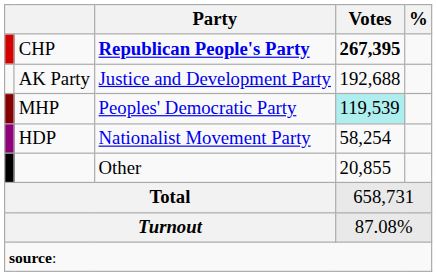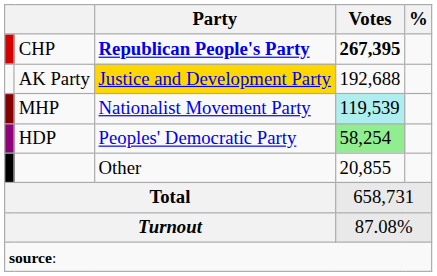 <table class="wikitable">
 <tr>
 <th colspan="2"></th>
 <th>Party</th>
 <th>Votes</th>
 <th>%</th>
 </tr>
 <tr align="left">
 <td bgcolor="#d50000" width="1"></td>
 <td>CHP</td>
 <td><strong><a href='#'>Republican People's Party</a></strong></td>
 <td><strong>267,395</strong></td>
 <td><strong></strong></td>
 </tr>
 <tr align="left">
 <td></td>
 <td>AK Party</td>
-<td><a href='#'>Justice and Development Party</a></td>
+<td style="background: gold;"><a href='#'>Justice and Development Party</a></td>
 <td>192,688</td>
 <td></td>
 </tr>
 <tr align="left">
 <td bgcolor="#870000" width="1"></td>
 <td>MHP</td>
-<td><a href='#'>Peoples' Democratic Party</a></td>
+<td><a href='#'>Nationalist Movement Party</a></td>
 <td style="background: paleturquoise;">119,539</td>
 <td></td>
 </tr>
 <tr align="left">
 <td bgcolor="#91007B" width="1"></td>
 <td>HDP</td>
-<td><a href='#'>Nationalist Movement Party</a></td>
-<td>58,254</td>
+<td><a href='#'>Peoples' Democratic Party</a></td>
+<td style="background: lightgreen;">58,254</td>
 <td></td>
 </tr>
 <tr align="left">
 <td bgcolor=" " width="1"></td>
 <td></td>
 <td>Other</td>
 <td>20,855</td>
 <td></td>
 </tr>
 <tr align="left" style="background-color:#E9E9E9">
 <th colspan="3" align="center"><strong>Total</strong></th>
 <td colspan="5" align="center">658,731</td>
 </tr>
 <tr align="left" style="background-color:#E9E9E9">
 <th colspan="3" align="center"><em>Turnout</em></th>
 <td colspan="5" align="center">87.08%</td>
 </tr>
 <tr>
 <td colspan="9" align="left"><small><strong>source</strong>: </small></td>
 </tr>
 </table>
